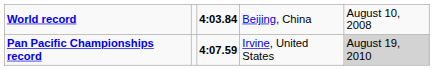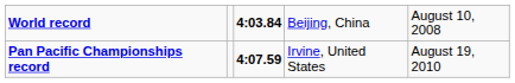 <table class="wikitable">
 <tr>
 <td><strong><a href='#'>World record</a></strong></td>
 <td></td>
 <td><strong>4:03.84</strong></td>
 <td><a href='#'>Beijing</a>, China</td>
 <td>August 10, 2008</td>
 </tr>
 <tr>
 <td><strong><a href='#'>Pan Pacific Championships record</a></strong></td>
 <td></td>
 <td><strong>4:07.59</strong></td>
 <td><a href='#'>Irvine</a>, United States</td>
-<td style="background: lightgrey;">August 19, 2010</td>
+<td>August 19, 2010</td>
 </tr>
 </table>
